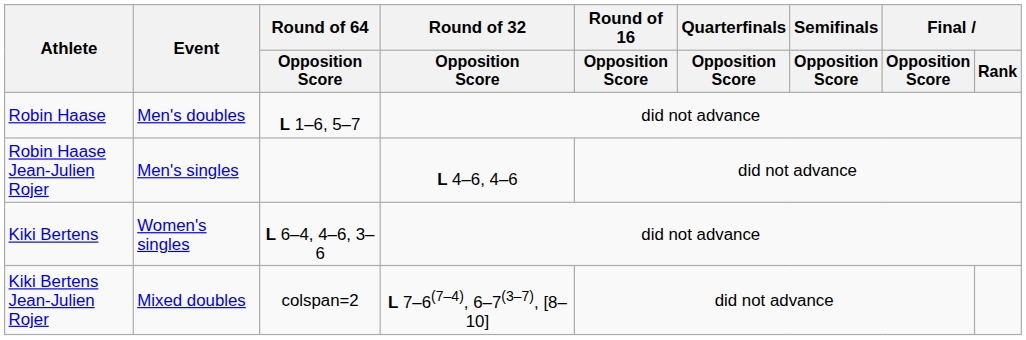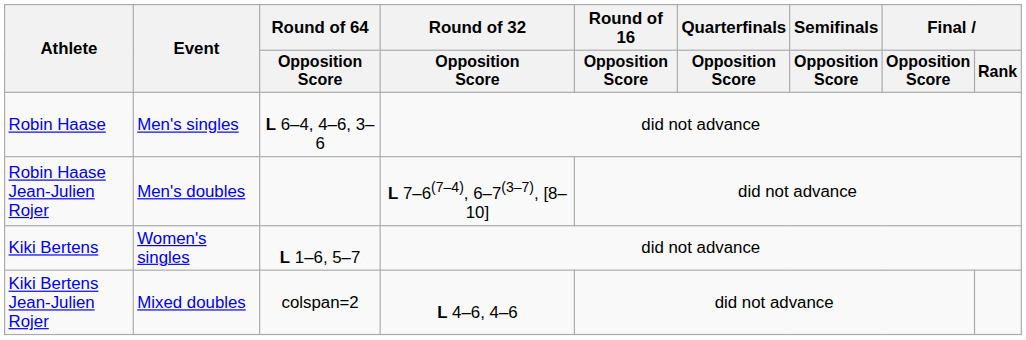 <table class=wikitable style="font-size:90%">
 <tr>
 <th rowspan="2">Athlete</th>
 <th rowspan="2">Event</th>
 <th>Round of 64</th>
 <th>Round of 32</th>
 <th>Round of 16</th>
 <th>Quarterfinals</th>
 <th>Semifinals</th>
 <th colspan=2>Final / </th>
 </tr>
 <tr style="font-size:95%">
 <th>Opposition<br>Score</th>
 <th>Opposition<br>Score</th>
 <th>Opposition<br>Score</th>
 <th>Opposition<br>Score</th>
 <th>Opposition<br>Score</th>
 <th>Opposition<br>Score</th>
 <th>Rank</th>
 </tr>
 <tr align=center>
 <td align=left><a href='#'>Robin Haase</a></td>
-<td align=left><a href='#'>Men's doubles</a></td>
-<td><br><strong>L</strong> 1–6, 5–7</td>
+<td align=left><a href='#'>Men's singles</a></td>
+<td><br><strong>L</strong> 6–4, 4–6, 3–6</td>
 <td colspan=6>did not advance</td>
 </tr>
 <tr align=center>
 <td align=left><a href='#'>Robin Haase</a><br><a href='#'>Jean-Julien Rojer</a></td>
-<td align=left><a href='#'>Men's singles</a></td>
+<td align=left><a href='#'>Men's doubles</a></td>
 <td></td>
-<td><br><strong>L</strong> 4–6, 4–6</td>
+<td><br><strong>L</strong> 7–6<sup>(7–4)</sup>, 6–7<sup>(3–7)</sup>, [8–10]</td>
 <td colspan=5>did not advance</td>
 </tr>
 <tr align=center>
 <td align=left><a href='#'>Kiki Bertens</a></td>
 <td align=left><a href='#'>Women's singles</a></td>
-<td><br><strong>L</strong> 6–4, 4–6, 3–6</td>
+<td><br><strong>L</strong> 1–6, 5–7</td>
 <td colspan=6>did not advance</td>
 </tr>
 <tr align=center>
 <td align=left><a href='#'>Kiki Bertens</a><br><a href='#'>Jean-Julien Rojer</a></td>
 <td align=left><a href='#'>Mixed doubles</a></td>
 <td>colspan=2 </td>
-<td><br><strong>L</strong> 7–6<sup>(7–4)</sup>, 6–7<sup>(3–7)</sup>, [8–10]</td>
+<td><br><strong>L</strong> 4–6, 4–6</td>
 <td colspan=4>did not advance</td>
 </tr>
 </table>
